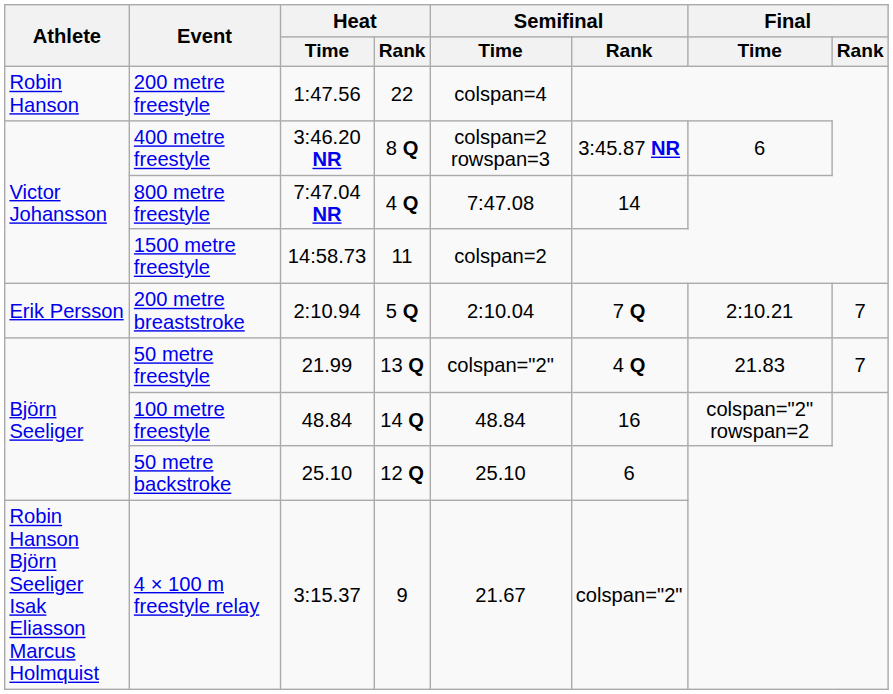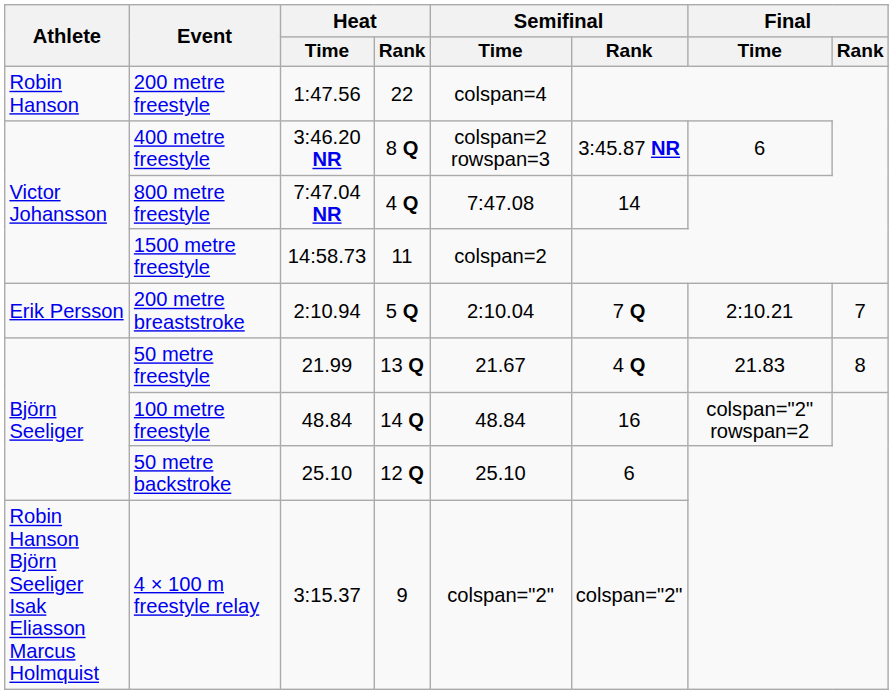 <table class="wikitable" style="text-align:center; font-size:90%; width:50%;">
 <tr>
 <th rowspan="2">Athlete</th>
 <th rowspan="2">Event</th>
 <th colspan="2">Heat</th>
 <th colspan="2">Semifinal</th>
 <th colspan="2">Final</th>
 </tr>
 <tr style="font-size:95%">
 <th>Time</th>
 <th>Rank</th>
 <th>Time</th>
 <th>Rank</th>
 <th>Time</th>
 <th>Rank</th>
 </tr>
 <tr align=center>
 <td align=left><a href='#'>Robin Hanson</a></td>
 <td align=left><a href='#'>200 metre freestyle</a></td>
 <td>1:47.56</td>
 <td>22</td>
 <td>colspan=4  </td>
 </tr>
 <tr align=center>
 <td align=left rowspan=3><a href='#'>Victor Johansson</a></td>
 <td align=left><a href='#'>400 metre freestyle</a></td>
 <td>3:46.20 <strong><a href='#'>NR</a></strong></td>
 <td>8 <strong>Q</strong></td>
 <td>colspan=2 rowspan=3 </td>
 <td>3:45.87 <strong><a href='#'>NR</a></strong></td>
 <td>6</td>
 </tr>
 <tr align=center>
 <td align=left><a href='#'>800 metre freestyle</a></td>
 <td>7:47.04 <strong><a href='#'>NR</a></strong></td>
 <td>4 <strong>Q</strong></td>
 <td>7:47.08</td>
 <td>14</td>
 </tr>
 <tr align=center>
 <td align=left><a href='#'>1500 metre freestyle</a></td>
 <td>14:58.73</td>
 <td>11</td>
 <td>colspan=2  </td>
 </tr>
 <tr align=center>
 <td align=left><a href='#'>Erik Persson</a></td>
 <td align=left><a href='#'>200 metre breaststroke</a></td>
 <td>2:10.94</td>
 <td>5 <strong>Q</strong></td>
 <td>2:10.04</td>
 <td>7 <strong>Q</strong></td>
 <td>2:10.21</td>
 <td>7</td>
 </tr>
 <tr align=center>
 <td align=left rowspan=3><a href='#'>Björn Seeliger</a></td>
 <td align=left><a href='#'>50 metre freestyle</a></td>
 <td>21.99</td>
 <td>13 <strong>Q</strong></td>
-<td>colspan="2"  </td>
+<td>21.67</td>
 <td>4 <strong>Q</strong></td>
 <td>21.83</td>
-<td>7</td>
+<td>8</td>
 </tr>
 <tr align=center>
 <td align=left><a href='#'>100 metre freestyle</a></td>
 <td>48.84</td>
 <td>14 <strong>Q</strong></td>
 <td>48.84</td>
 <td>16</td>
 <td>colspan="2" rowspan=2 </td>
 </tr>
 <tr align=center>
 <td align=left><a href='#'>50 metre backstroke</a></td>
 <td>25.10</td>
 <td>12 <strong>Q</strong></td>
 <td>25.10</td>
 <td>6</td>
 </tr>
 <tr align=center>
 <td align=left><a href='#'>Robin Hanson</a><br><a href='#'>Björn Seeliger</a><br><a href='#'>Isak Eliasson</a> <br><a href='#'>Marcus Holmquist</a></td>
 <td align=left><a href='#'>4 × 100 m freestyle relay</a></td>
 <td>3:15.37</td>
 <td>9</td>
-<td>21.67</td>
+<td>colspan="2"  </td>
 <td>colspan="2"  </td>
 </tr>
 </table>
